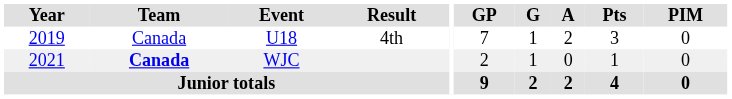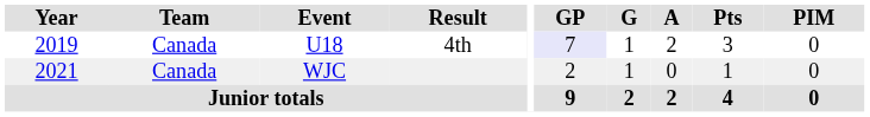 <table border="0" cellpadding="1" cellspacing="0" ID="Table3" style="text-align:center; width:40em">
 <tr ALIGN="center" bgcolor="#e0e0e0">
 <th>Year</th>
 <th>Team</th>
 <th>Event</th>
 <th>Result</th>
 <th rowspan="99" bgcolor="#ffffff"></th>
 <th>GP</th>
 <th>G</th>
 <th>A</th>
 <th>Pts</th>
 <th>PIM</th>
 </tr>
 <tr>
 <td><a href='#'>2019</a></td>
 <td><a href='#'>Canada</a></td>
 <td><a href='#'>U18</a></td>
 <td>4th</td>
-<td>7</td>
+<td style="background: lavender;">7</td>
 <td>1</td>
 <td>2</td>
 <td>3</td>
 <td>0</td>
 </tr>
 <tr bgcolor="#f0f0f0">
 <td><a href='#'>2021</a></td>
-<td><strong><a href='#'>Canada</a></strong></td>
+<td><a href='#'>Canada</a></td>
 <td><a href='#'>WJC</a></td>
 <td></td>
 <td>2</td>
 <td>1</td>
 <td>0</td>
 <td>1</td>
 <td>0</td>
 </tr>
 <tr bgcolor="#e0e0e0">
 <th colspan="4">Junior totals</th>
 <th>9</th>
 <th>2</th>
 <th>2</th>
 <th>4</th>
 <th>0</th>
 </tr>
 </table>
